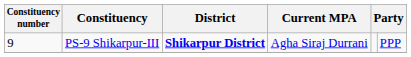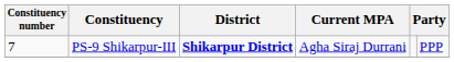 <table class="wikitable">
 <tr>
 <th width="50px" style="font-size:75%">Constituency number</th>
 <th>Constituency</th>
 <th>District</th>
 <th>Current MPA</th>
 <th colspan="2">Party</th>
 </tr>
 <tr>
-<td>9</td>
+<td>7</td>
 <td><a href='#'>PS-9 Shikarpur-III</a></td>
 <td><strong><a href='#'>Shikarpur District</a></strong></td>
 <td><a href='#'>Agha Siraj Durrani</a></td>
 <td></td>
 <td><a href='#'>PPP</a></td>
 </tr>
 <tr>
 </tr>
 </table>
